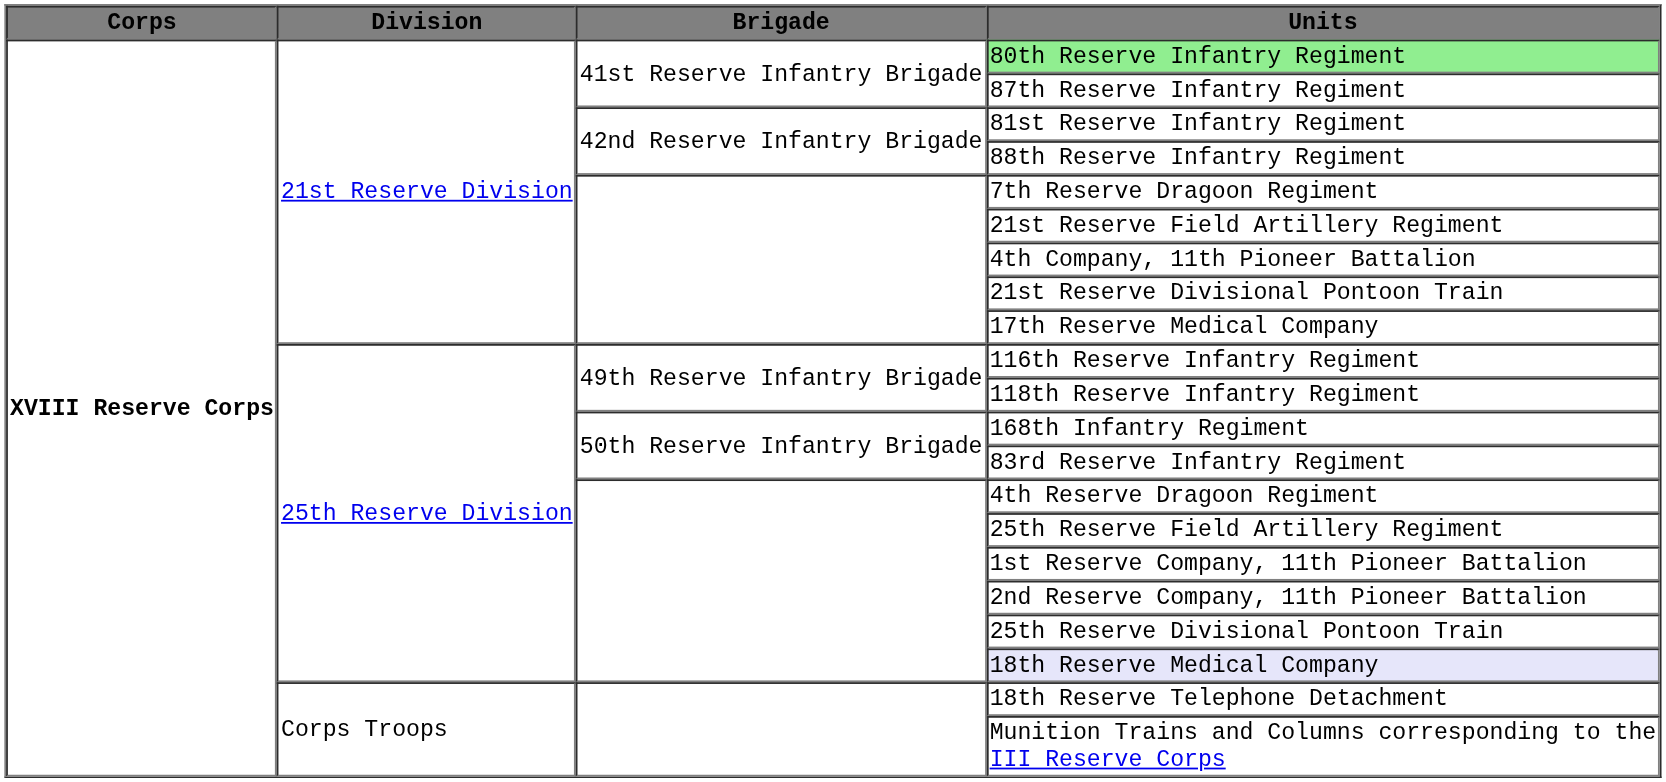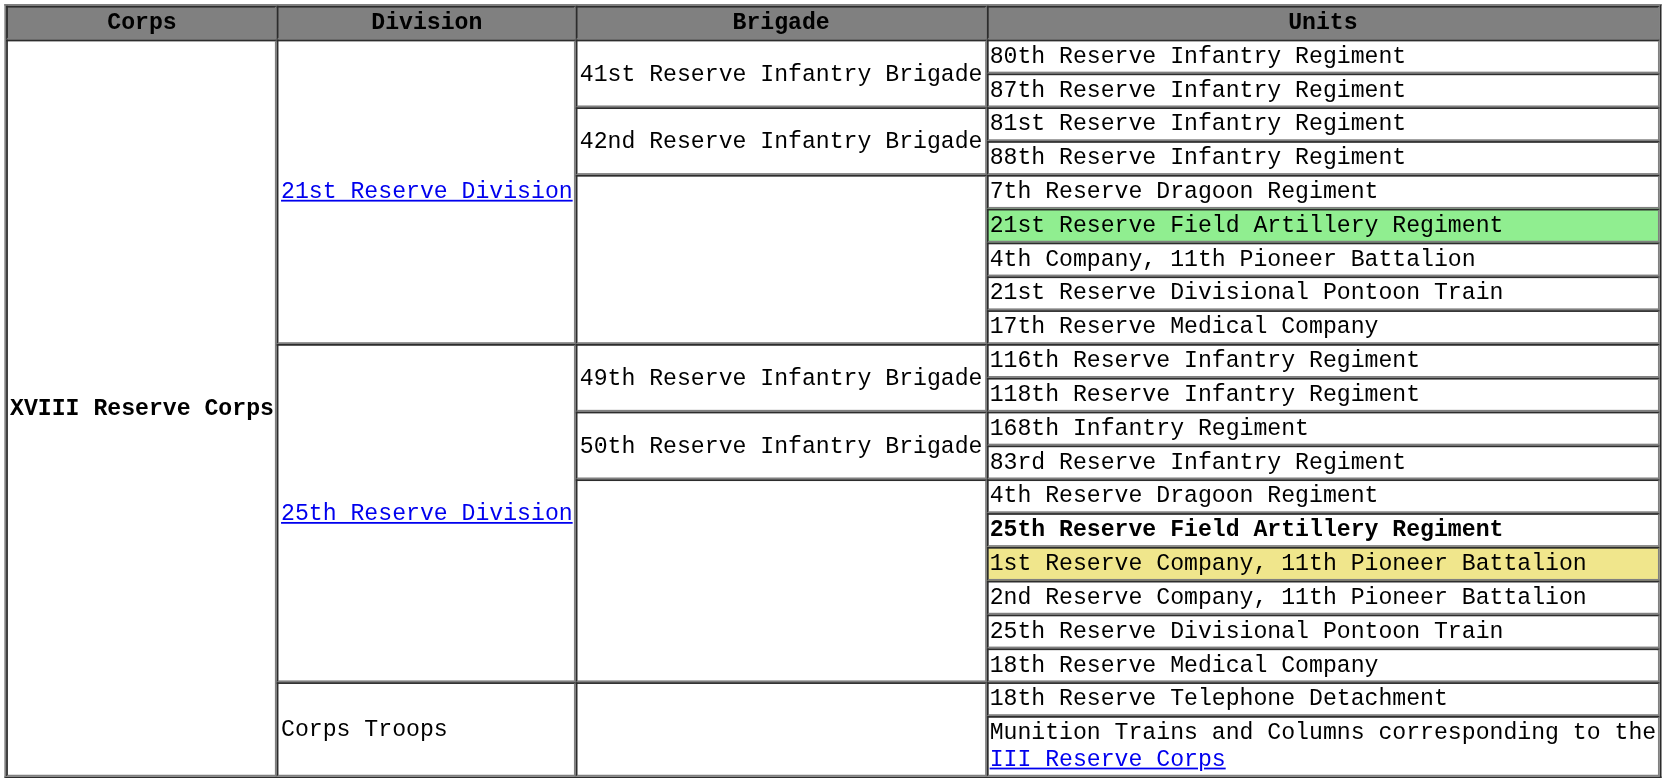 <table style="float: right;" border="1" cellpadding="1" cellspacing="0" style="font-size: 100%; border: gray solid 1px; border-collapse: collapse; text-align: center;">
 <tr style="background-color:grey; color:black;">
 <th>Corps</th>
 <th>Division</th>
 <th>Brigade</th>
 <th>Units</th>
 </tr>
 <tr>
 <td ROWSPAN=21><strong>XVIII Reserve Corps</strong></td>
 <td ROWSPAN=9><a href='#'>21st Reserve Division</a></td>
 <td ROWSPAN=2>41st Reserve Infantry Brigade</td>
-<td style="background: lightgreen;">80th Reserve Infantry Regiment</td>
+<td>80th Reserve Infantry Regiment</td>
 </tr>
 <tr>
 <td>87th Reserve Infantry Regiment</td>
 </tr>
 <tr>
 <td ROWSPAN=2>42nd Reserve Infantry Brigade</td>
 <td>81st Reserve Infantry Regiment</td>
 </tr>
 <tr>
 <td>88th Reserve Infantry Regiment</td>
 </tr>
 <tr>
 <td ROWSPAN=5></td>
 <td>7th Reserve Dragoon Regiment</td>
 </tr>
 <tr>
-<td>21st Reserve Field Artillery Regiment</td>
+<td style="background: lightgreen;">21st Reserve Field Artillery Regiment</td>
 </tr>
 <tr>
 <td>4th Company, 11th Pioneer Battalion</td>
 </tr>
 <tr>
 <td>21st Reserve Divisional Pontoon Train</td>
 </tr>
 <tr>
 <td>17th Reserve Medical Company</td>
 </tr>
 <tr>
 <td ROWSPAN=10><a href='#'>25th Reserve Division</a></td>
 <td ROWSPAN=2>49th Reserve Infantry Brigade</td>
 <td>116th Reserve Infantry Regiment</td>
 </tr>
 <tr>
 <td>118th Reserve Infantry Regiment</td>
 </tr>
 <tr>
 <td ROWSPAN=2>50th Reserve Infantry Brigade</td>
 <td>168th Infantry Regiment</td>
 </tr>
 <tr>
 <td>83rd Reserve Infantry Regiment</td>
 </tr>
 <tr>
 <td ROWSPAN=6></td>
 <td>4th Reserve Dragoon Regiment</td>
 </tr>
 <tr>
-<td>25th Reserve Field Artillery Regiment</td>
+<td><strong>25th Reserve Field Artillery Regiment</strong></td>
 </tr>
 <tr>
-<td>1st Reserve Company, 11th Pioneer Battalion</td>
+<td style="background: khaki;">1st Reserve Company, 11th Pioneer Battalion</td>
 </tr>
 <tr>
 <td>2nd Reserve Company, 11th Pioneer Battalion</td>
 </tr>
 <tr>
 <td>25th Reserve Divisional Pontoon Train</td>
 </tr>
 <tr>
-<td style="background: lavender;">18th Reserve Medical Company</td>
+<td>18th Reserve Medical Company</td>
 </tr>
 <tr>
 <td ROWSPAN=2>Corps Troops</td>
 <td ROWSPAN=2></td>
 <td>18th Reserve Telephone Detachment</td>
 </tr>
 <tr>
 <td>Munition Trains and Columns corresponding to the<br><a href='#'>III Reserve Corps</a></td>
 </tr>
 </table>
